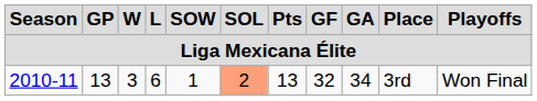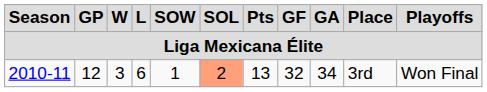 <table class="wikitable">
 <tr style="font-weight:bold; background-color:#dddddd;" align="center" |>
 <td>Season</td>
 <td>GP</td>
 <td>W</td>
 <td>L</td>
 <td>SOW</td>
 <td>SOL</td>
 <td>Pts</td>
 <td>GF</td>
 <td>GA</td>
 <td>Place</td>
 <td>Playoffs</td>
 </tr>
 <tr>
 <td colspan=20 style="text-align:center; background:#dddddd;"><strong>Liga Mexicana Élite</strong></td>
 </tr>
 <tr align=center>
 <td><a href='#'>2010-11</a></td>
-<td>13</td>
+<td>12</td>
 <td>3</td>
 <td>6</td>
 <td>1</td>
 <td style="background: lightsalmon;">2</td>
 <td>13</td>
 <td>32</td>
 <td>34</td>
 <td align="left">3rd</td>
 <td>Won Final</td>
 </tr>
 </table>
